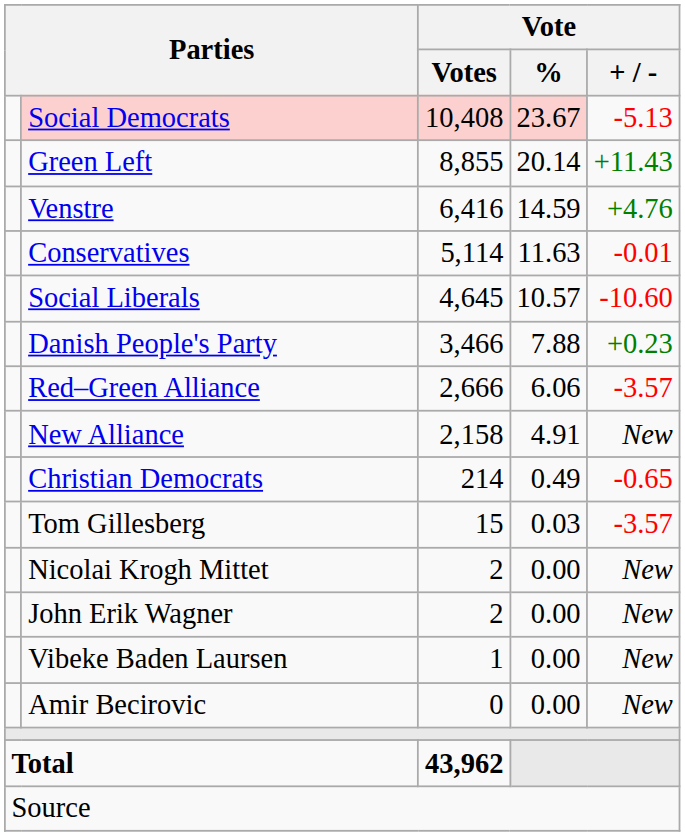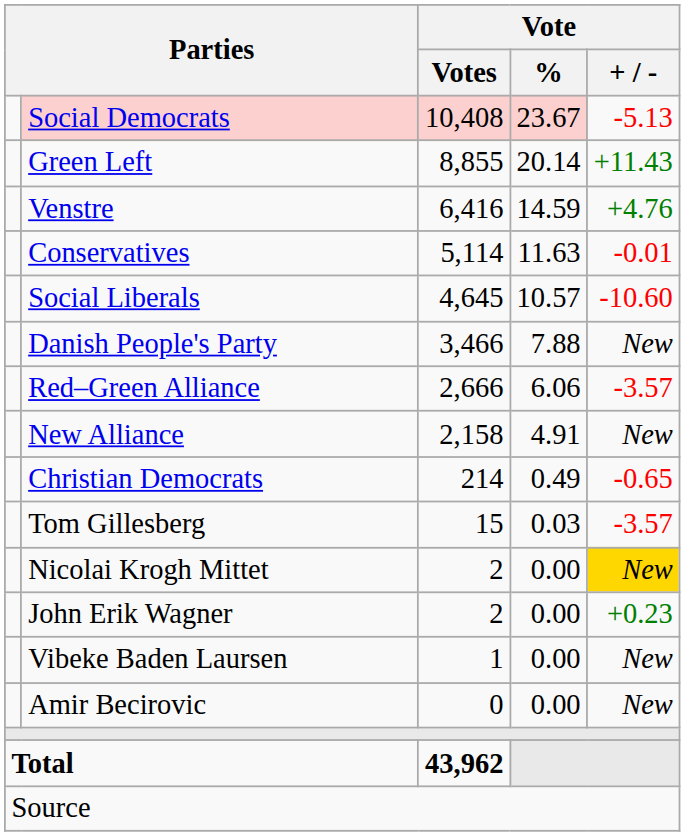 <table class="wikitable" style="text-align:right;">
 <tr>
 <th style="text-align:centre;" rowspan="2" colspan="2" width="225">Parties</th>
 <th colspan="3">Vote</th>
 </tr>
 <tr>
 <th width="15">Votes</th>
 <th width="15">%</th>
 <th width="15">+ / -</th>
 </tr>
 <tr>
 <td width="2" style="color:inherit;background:"></td>
 <td bgcolor=#fbd0ce  align="left"><a href='#'>Social Democrats</a></td>
 <td bgcolor=#fbd0ce>10,408</td>
 <td bgcolor=#fbd0ce>23.67</td>
 <td style=color:red;>-5.13</td>
 </tr>
 <tr>
 <td width="2" style="color:inherit;background:"></td>
 <td align="left"><a href='#'>Green Left</a></td>
 <td>8,855</td>
 <td>20.14</td>
 <td style=color:green;>+11.43</td>
 </tr>
 <tr>
 <td width="2" style="color:inherit;background:"></td>
 <td align="left"><a href='#'>Venstre</a></td>
 <td>6,416</td>
 <td>14.59</td>
 <td style=color:green;>+4.76</td>
 </tr>
 <tr>
 <td width="2" style="color:inherit;background:"></td>
 <td align="left"><a href='#'>Conservatives</a></td>
 <td>5,114</td>
 <td>11.63</td>
 <td style=color:red;>-0.01</td>
 </tr>
 <tr>
 <td width="2" style="color:inherit;background:"></td>
 <td align="left"><a href='#'>Social Liberals</a></td>
 <td>4,645</td>
 <td>10.57</td>
 <td style=color:red;>-10.60</td>
 </tr>
 <tr>
 <td width="2" style="color:inherit;background:"></td>
 <td align="left"><a href='#'>Danish People's Party</a></td>
 <td>3,466</td>
 <td>7.88</td>
-<td style=color:green;>+0.23</td>
+<td><em>New</em></td>
 </tr>
 <tr>
 <td width="2" style="color:inherit;background:"></td>
 <td align="left"><a href='#'>Red–Green Alliance</a></td>
 <td>2,666</td>
 <td>6.06</td>
 <td style=color:red;>-3.57</td>
 </tr>
 <tr>
 <td width="2" style="color:inherit;background:"></td>
 <td align="left"><a href='#'>New Alliance</a></td>
 <td>2,158</td>
 <td>4.91</td>
 <td><em>New</em></td>
 </tr>
 <tr>
 <td width="2" style="color:inherit;background:"></td>
 <td align="left"><a href='#'>Christian Democrats</a></td>
 <td>214</td>
 <td>0.49</td>
 <td style=color:red;>-0.65</td>
 </tr>
 <tr>
 <td width="2" style="color:inherit;background:"></td>
 <td align="left">Tom Gillesberg</td>
 <td>15</td>
 <td>0.03</td>
 <td style=color:red;>-3.57</td>
 </tr>
 <tr>
 <td width="2" style="color:inherit;background:"></td>
 <td align="left">Nicolai Krogh Mittet</td>
 <td>2</td>
 <td>0.00</td>
-<td><em>New</em></td>
+<td style="background: gold;"><em>New</em></td>
 </tr>
 <tr>
 <td width="2" style="color:inherit;background:"></td>
 <td align="left">John Erik Wagner</td>
 <td>2</td>
 <td>0.00</td>
-<td><em>New</em></td>
+<td style=color:green;>+0.23</td>
 </tr>
 <tr>
 <td width="2" style="color:inherit;background:"></td>
 <td align="left">Vibeke Baden Laursen</td>
 <td>1</td>
 <td>0.00</td>
 <td><em>New</em></td>
 </tr>
 <tr>
 <td width="2" style="color:inherit;background:"></td>
 <td align="left">Amir Becirovic</td>
 <td>0</td>
 <td>0.00</td>
 <td><em>New</em></td>
 </tr>
 <tr>
 <td colspan="7" bgcolor="#E9E9E9"></td>
 </tr>
 <tr>
 <td align="left" colspan="2"><strong>Total</strong></td>
 <td><strong>43,962</strong></td>
 <td bgcolor="#E9E9E9" colspan="2"></td>
 </tr>
 <tr>
 <td align="left" colspan="6">Source</td>
 </tr>
 </table>
